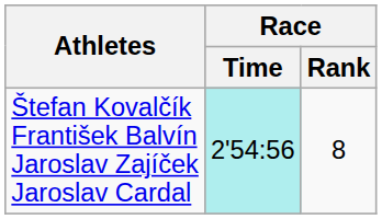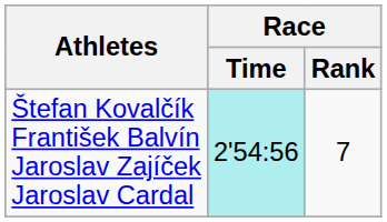 <table class="wikitable" border="1" style="font-size:90%">
 <tr>
 <th rowspan=2>Athletes</th>
 <th colspan=2>Race</th>
 </tr>
 <tr>
 <th>Time</th>
 <th>Rank</th>
 </tr>
 <tr>
 <td><a href='#'>Štefan Kovalčík</a><br><a href='#'>František Balvín</a><br><a href='#'>Jaroslav Zajíček</a><br><a href='#'>Jaroslav Cardal</a></td>
 <td align=center style="background: paleturquoise;">2'54:56</td>
-<td align=center>8</td>
+<td align=center>7</td>
 </tr>
 </table>
